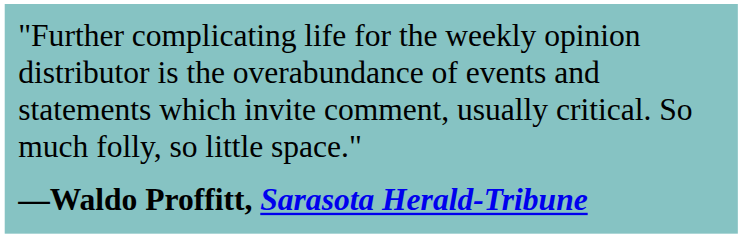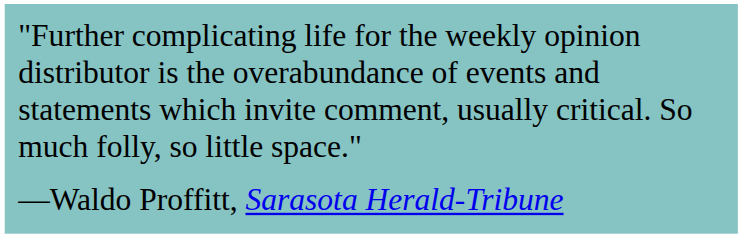 <table class="toccolours" style="float: right; margin-left: 1em; margin-right: 2em; font-size: 85%; background:#86C3C3; color:black; width:25em; max-width: 25%;" cellspacing="5">
 <tr>
 <td style="text-align: left;">"Further complicating life for the weekly opinion distributor is the overabundance of events and statements which invite comment, usually critical. So much folly, so little space."</td>
 </tr>
 <tr>
-<td style="text-align: left;"><strong>—Waldo Proffitt, <em><a href='#'>Sarasota Herald-Tribune</a></em></strong></td>
+<td style="text-align: left;">—Waldo Proffitt, <em><a href='#'>Sarasota Herald-Tribune</a></em></td>
 </tr>
 </table>
